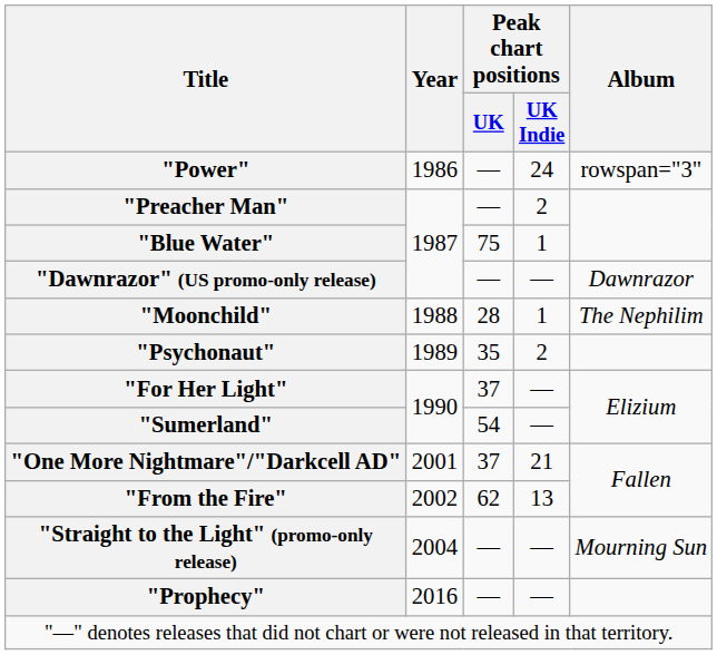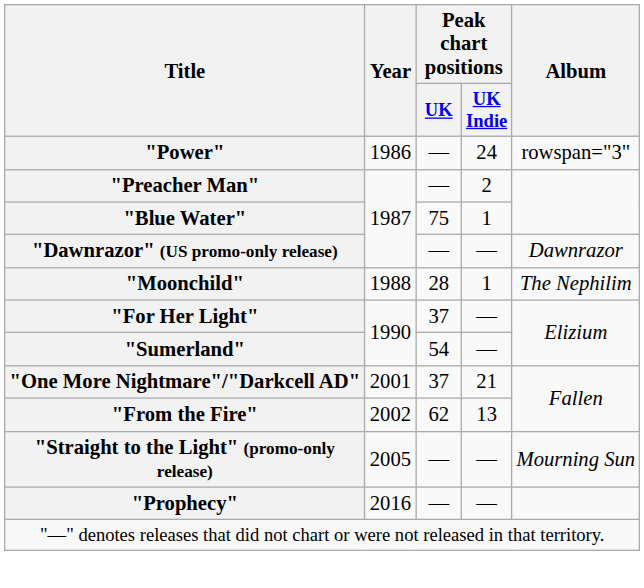 <table class="wikitable plainrowheaders" style="text-align:center;">
 <tr>
 <th rowspan="2" scope="col" style="width:17em;">Title</th>
 <th rowspan="2" scope="col" style="width:2em;">Year</th>
 <th colspan="2">Peak chart positions</th>
 <th rowspan="2">Album</th>
 </tr>
 <tr>
 <th scope="col" style="width:2em;font-size:90%;"><a href='#'>UK</a><br></th>
 <th scope="col" style="width:2em;font-size:90%;"><a href='#'>UK Indie</a><br></th>
 </tr>
 <tr>
 <th scope="row">"Power"</th>
 <td>1986</td>
 <td>—</td>
 <td>24</td>
 <td>rowspan="3" </td>
 </tr>
 <tr>
 <th scope="row">"Preacher Man"</th>
 <td rowspan="3">1987</td>
 <td>—</td>
 <td>2</td>
 </tr>
 <tr>
 <th scope="row">"Blue Water"</th>
 <td>75</td>
 <td>1</td>
 </tr>
 <tr>
 <th scope="row">"Dawnrazor" <small>(US promo-only release)</small></th>
 <td>—</td>
 <td>—</td>
 <td><em>Dawnrazor</em></td>
 </tr>
 <tr>
 <th scope="row">"Moonchild"</th>
 <td>1988</td>
 <td>28</td>
 <td>1</td>
 <td><em>The Nephilim</em></td>
 </tr>
 <tr>
-<th scope="row">"Psychonaut"</th>
-<td>1989</td>
-<td>35</td>
-<td>2</td>
-<td></td>
-</tr>
-<tr>
 <th scope="row">"For Her Light"</th>
 <td rowspan="2">1990</td>
 <td>37</td>
 <td>—</td>
 <td rowspan="2"><em>Elizium</em></td>
 </tr>
 <tr>
 <th scope="row">"Sumerland"</th>
 <td>54</td>
 <td>—</td>
 </tr>
 <tr>
 <th scope="row">"One More Nightmare"/"Darkcell AD"</th>
 <td>2001</td>
 <td>37</td>
 <td>21</td>
 <td rowspan="2"><em>Fallen</em></td>
 </tr>
 <tr>
 <th scope="row">"From the Fire"</th>
 <td>2002</td>
 <td>62</td>
 <td>13</td>
 </tr>
 <tr>
 <th scope="row">"Straight to the Light" <small>(promo-only release)</small></th>
-<td>2004</td>
+<td>2005</td>
 <td>—</td>
 <td>—</td>
 <td><em>Mourning Sun</em></td>
 </tr>
 <tr>
 <th scope="row">"Prophecy"</th>
 <td>2016</td>
 <td>—</td>
 <td>—</td>
 <td></td>
 </tr>
 <tr>
 <td colspan="5" style="font-size:90%">"—" denotes releases that did not chart or were not released in that territory.</td>
 </tr>
 </table>
